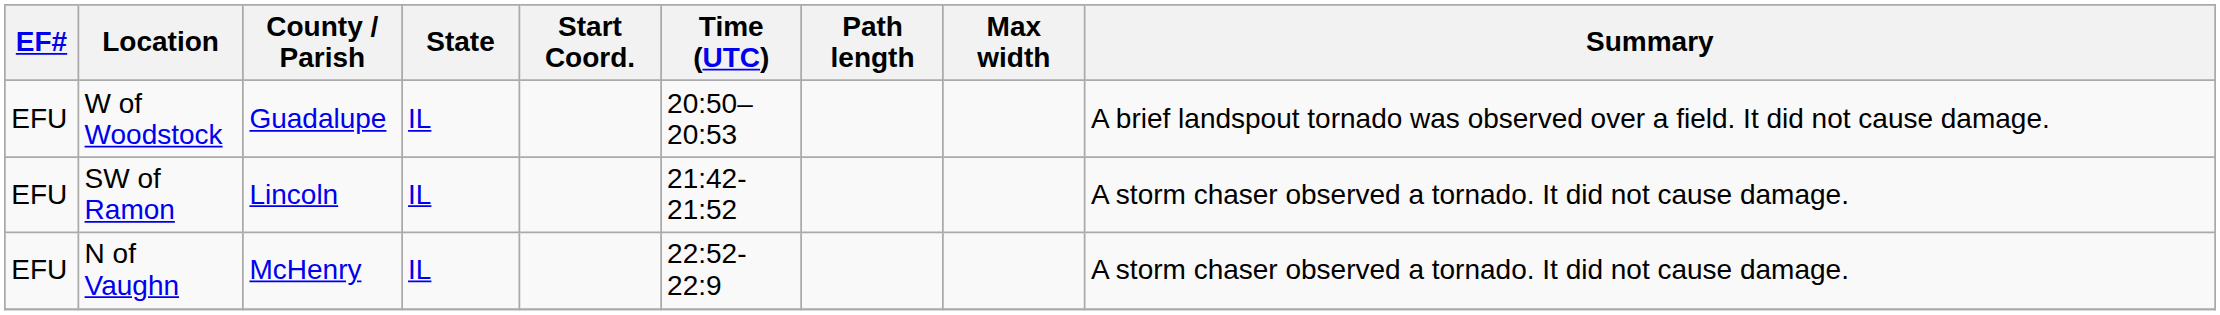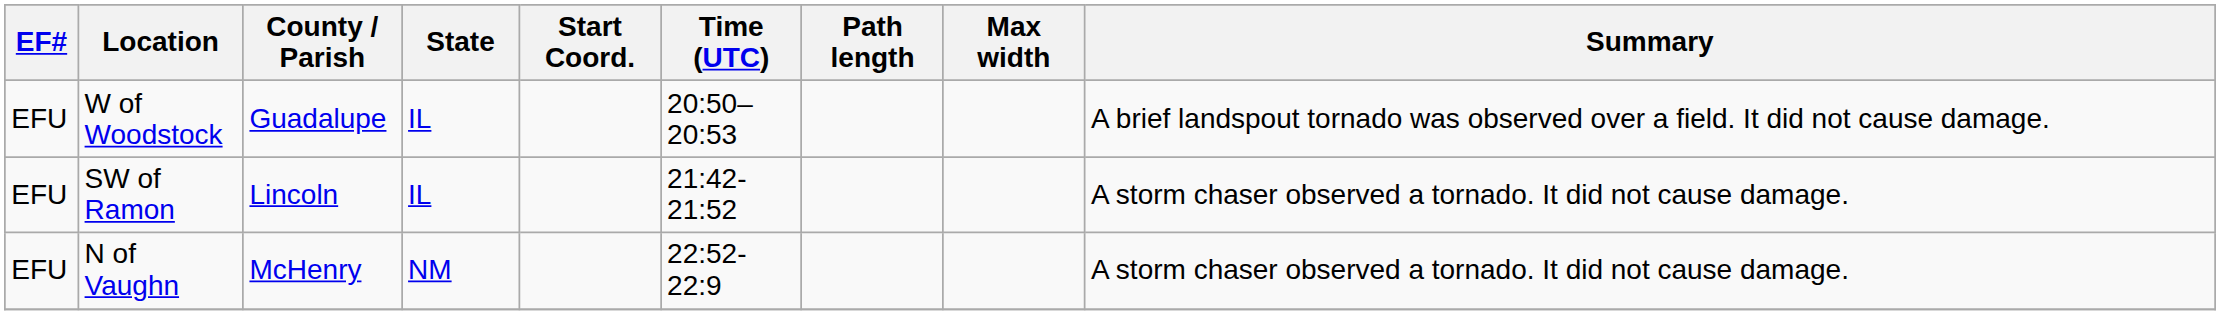 <table class="wikitable sortable" style="width:100%;">
 <tr>
 <th scope="col"  style="width:3%; text-align:center;"><a href='#'>EF#</a></th>
 <th scope="col"  style="width:7%; text-align:center;" class="unsortable">Location</th>
 <th scope="col"  style="width:6%; text-align:center;" class="unsortable">County / Parish</th>
 <th scope="col"  style="width:5%; text-align:center;">State</th>
 <th scope="col"  style="width:6%; text-align:center;">Start Coord.</th>
 <th scope="col"  style="width:6%; text-align:center;">Time (<a href='#'>UTC</a>)</th>
 <th scope="col"  style="width:6%; text-align:center;">Path length</th>
 <th scope="col"  style="width:6%; text-align:center;">Max width</th>
 <th scope="col" class="unsortable" style="width:48%; text-align:center;">Summary</th>
 </tr>
 <tr>
 <td>EFU</td>
 <td>W of <a href='#'>Woodstock</a></td>
 <td><a href='#'>Guadalupe</a></td>
 <td><a href='#'>IL</a></td>
 <td></td>
 <td>20:50–20:53</td>
 <td></td>
 <td></td>
 <td>A brief landspout tornado was observed over a field. It did not cause damage.</td>
 </tr>
 <tr>
 <td>EFU</td>
 <td>SW of <a href='#'>Ramon</a></td>
 <td><a href='#'>Lincoln</a></td>
 <td><a href='#'>IL</a></td>
 <td></td>
 <td>21:42-21:52</td>
 <td></td>
 <td></td>
 <td>A storm chaser observed a tornado. It did not cause damage.</td>
 </tr>
 <tr>
 <td>EFU</td>
 <td>N of <a href='#'>Vaughn</a></td>
 <td><a href='#'>McHenry</a></td>
-<td><a href='#'>IL</a></td>
+<td><a href='#'>NM</a></td>
 <td></td>
 <td>22:52-22:9</td>
 <td></td>
 <td></td>
 <td>A storm chaser observed a tornado. It did not cause damage.</td>
 </tr>
 <tr>
 </tr>
 </table>
